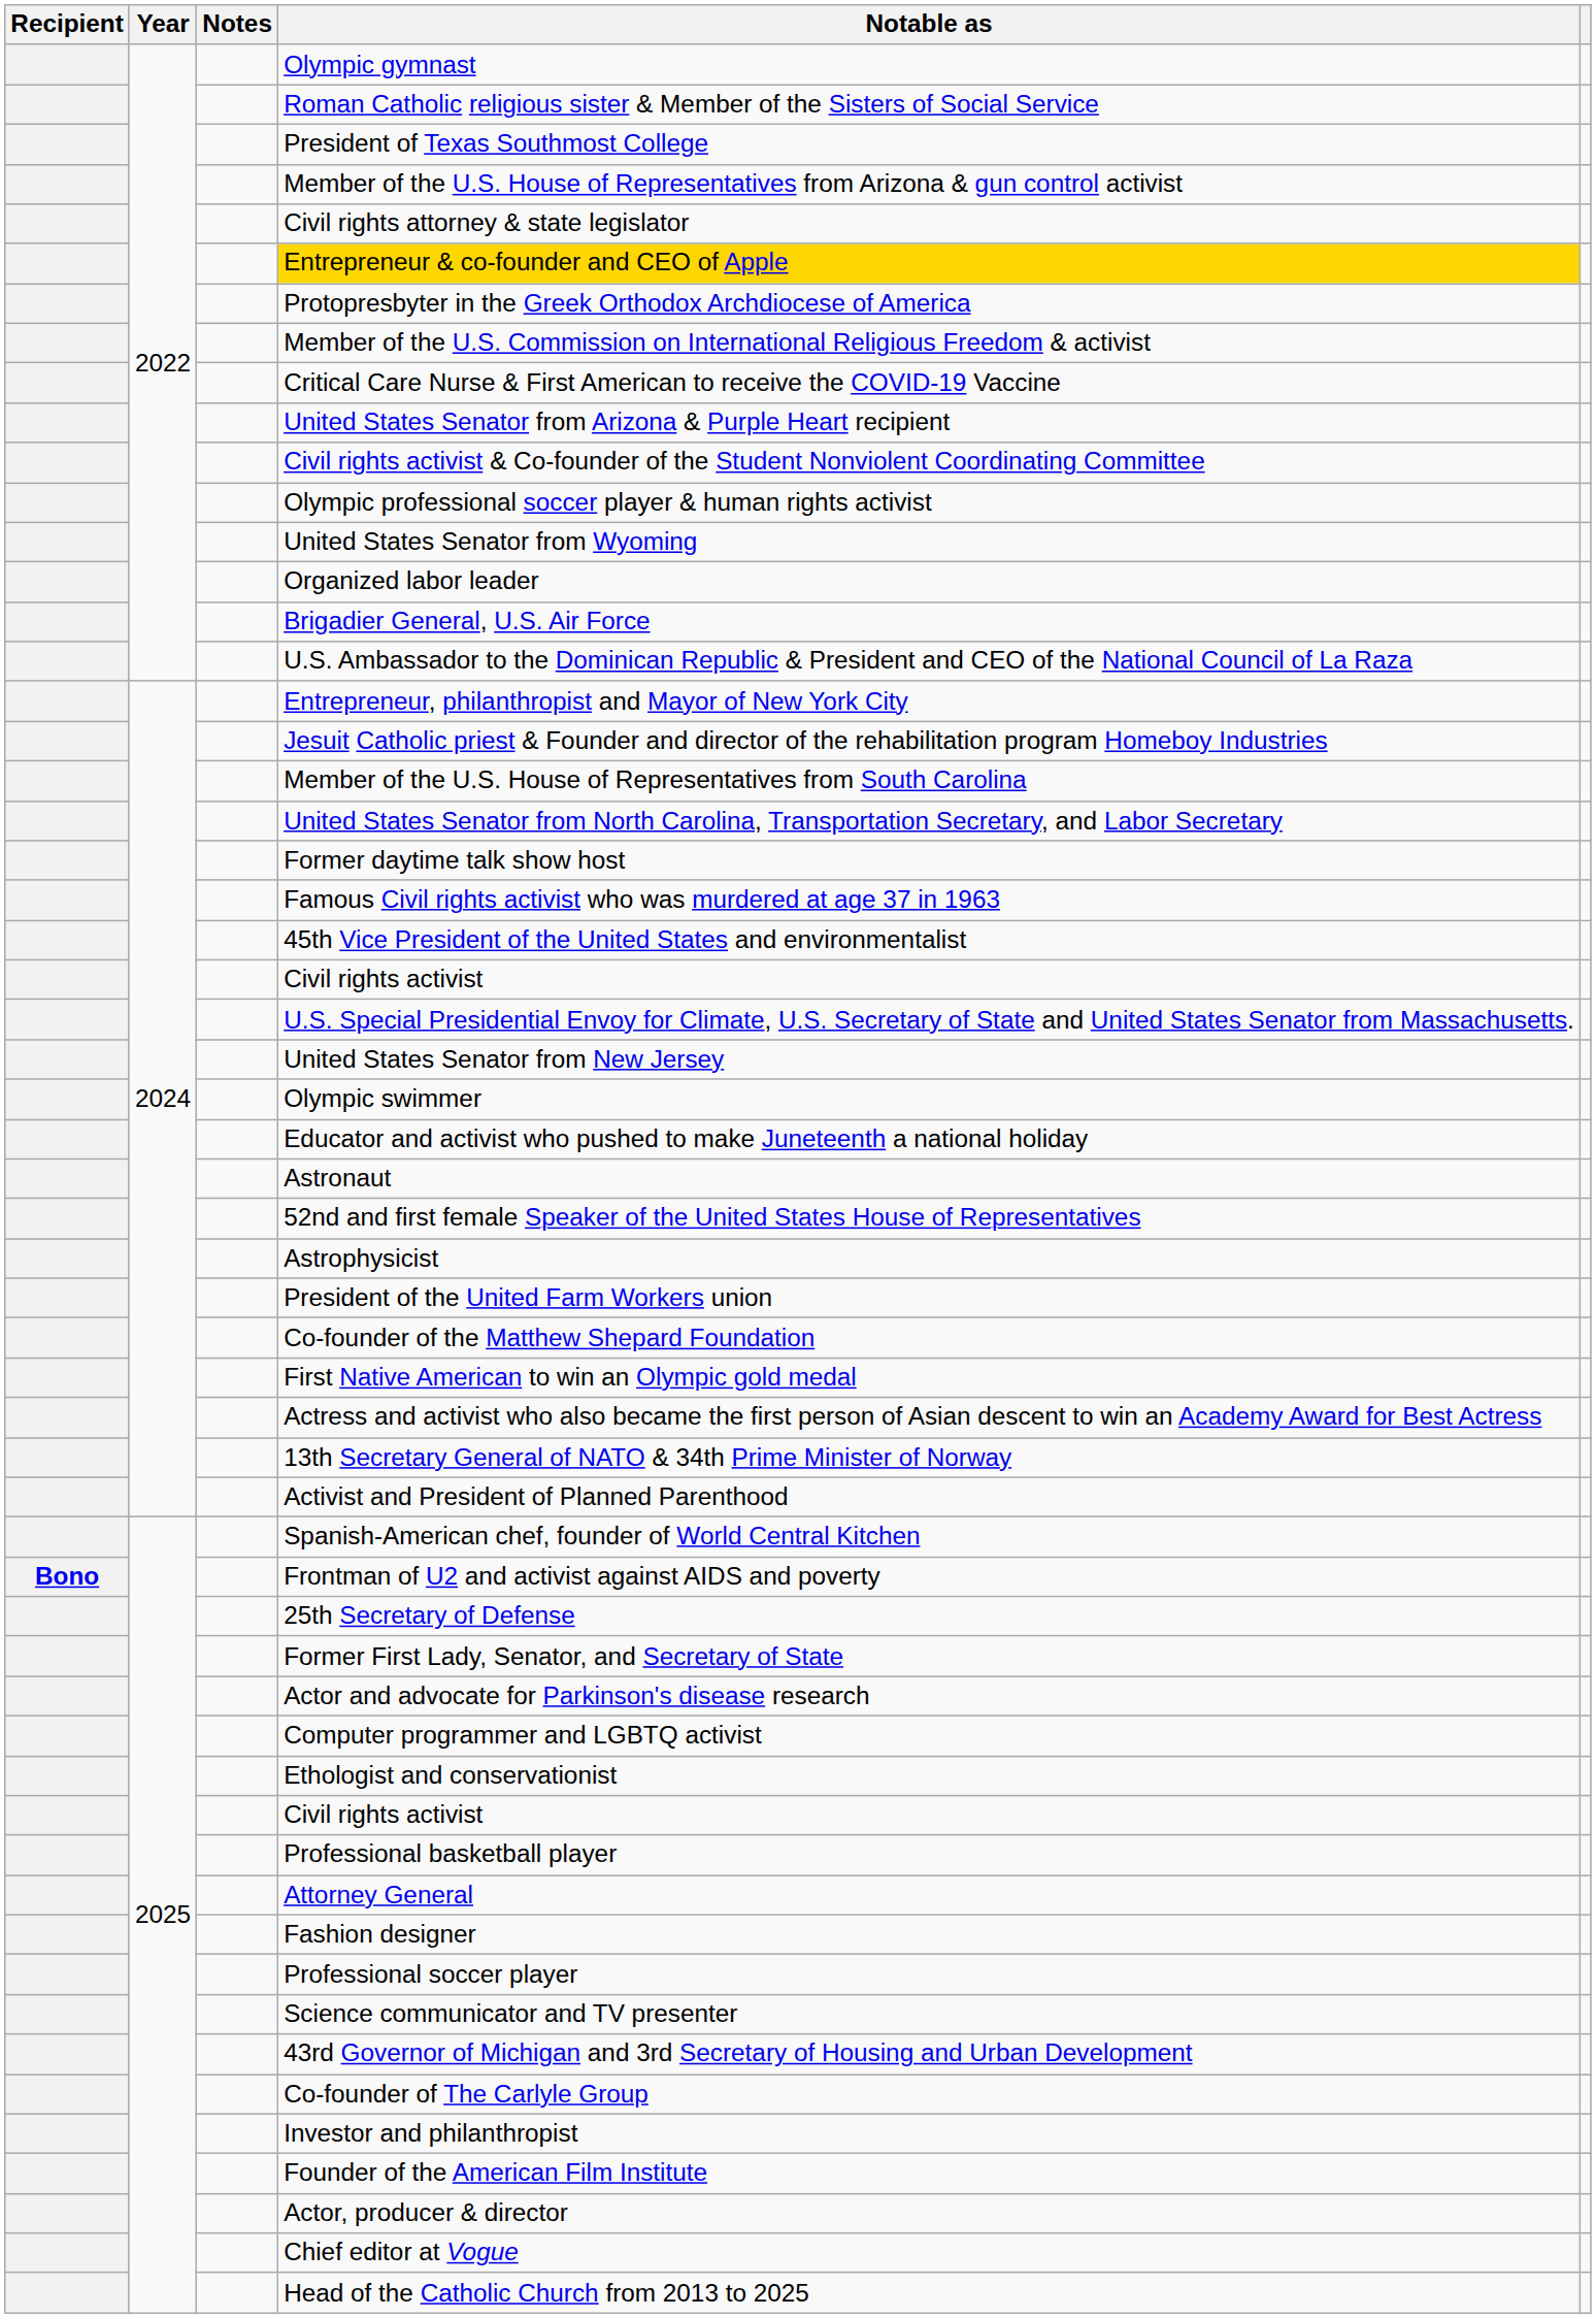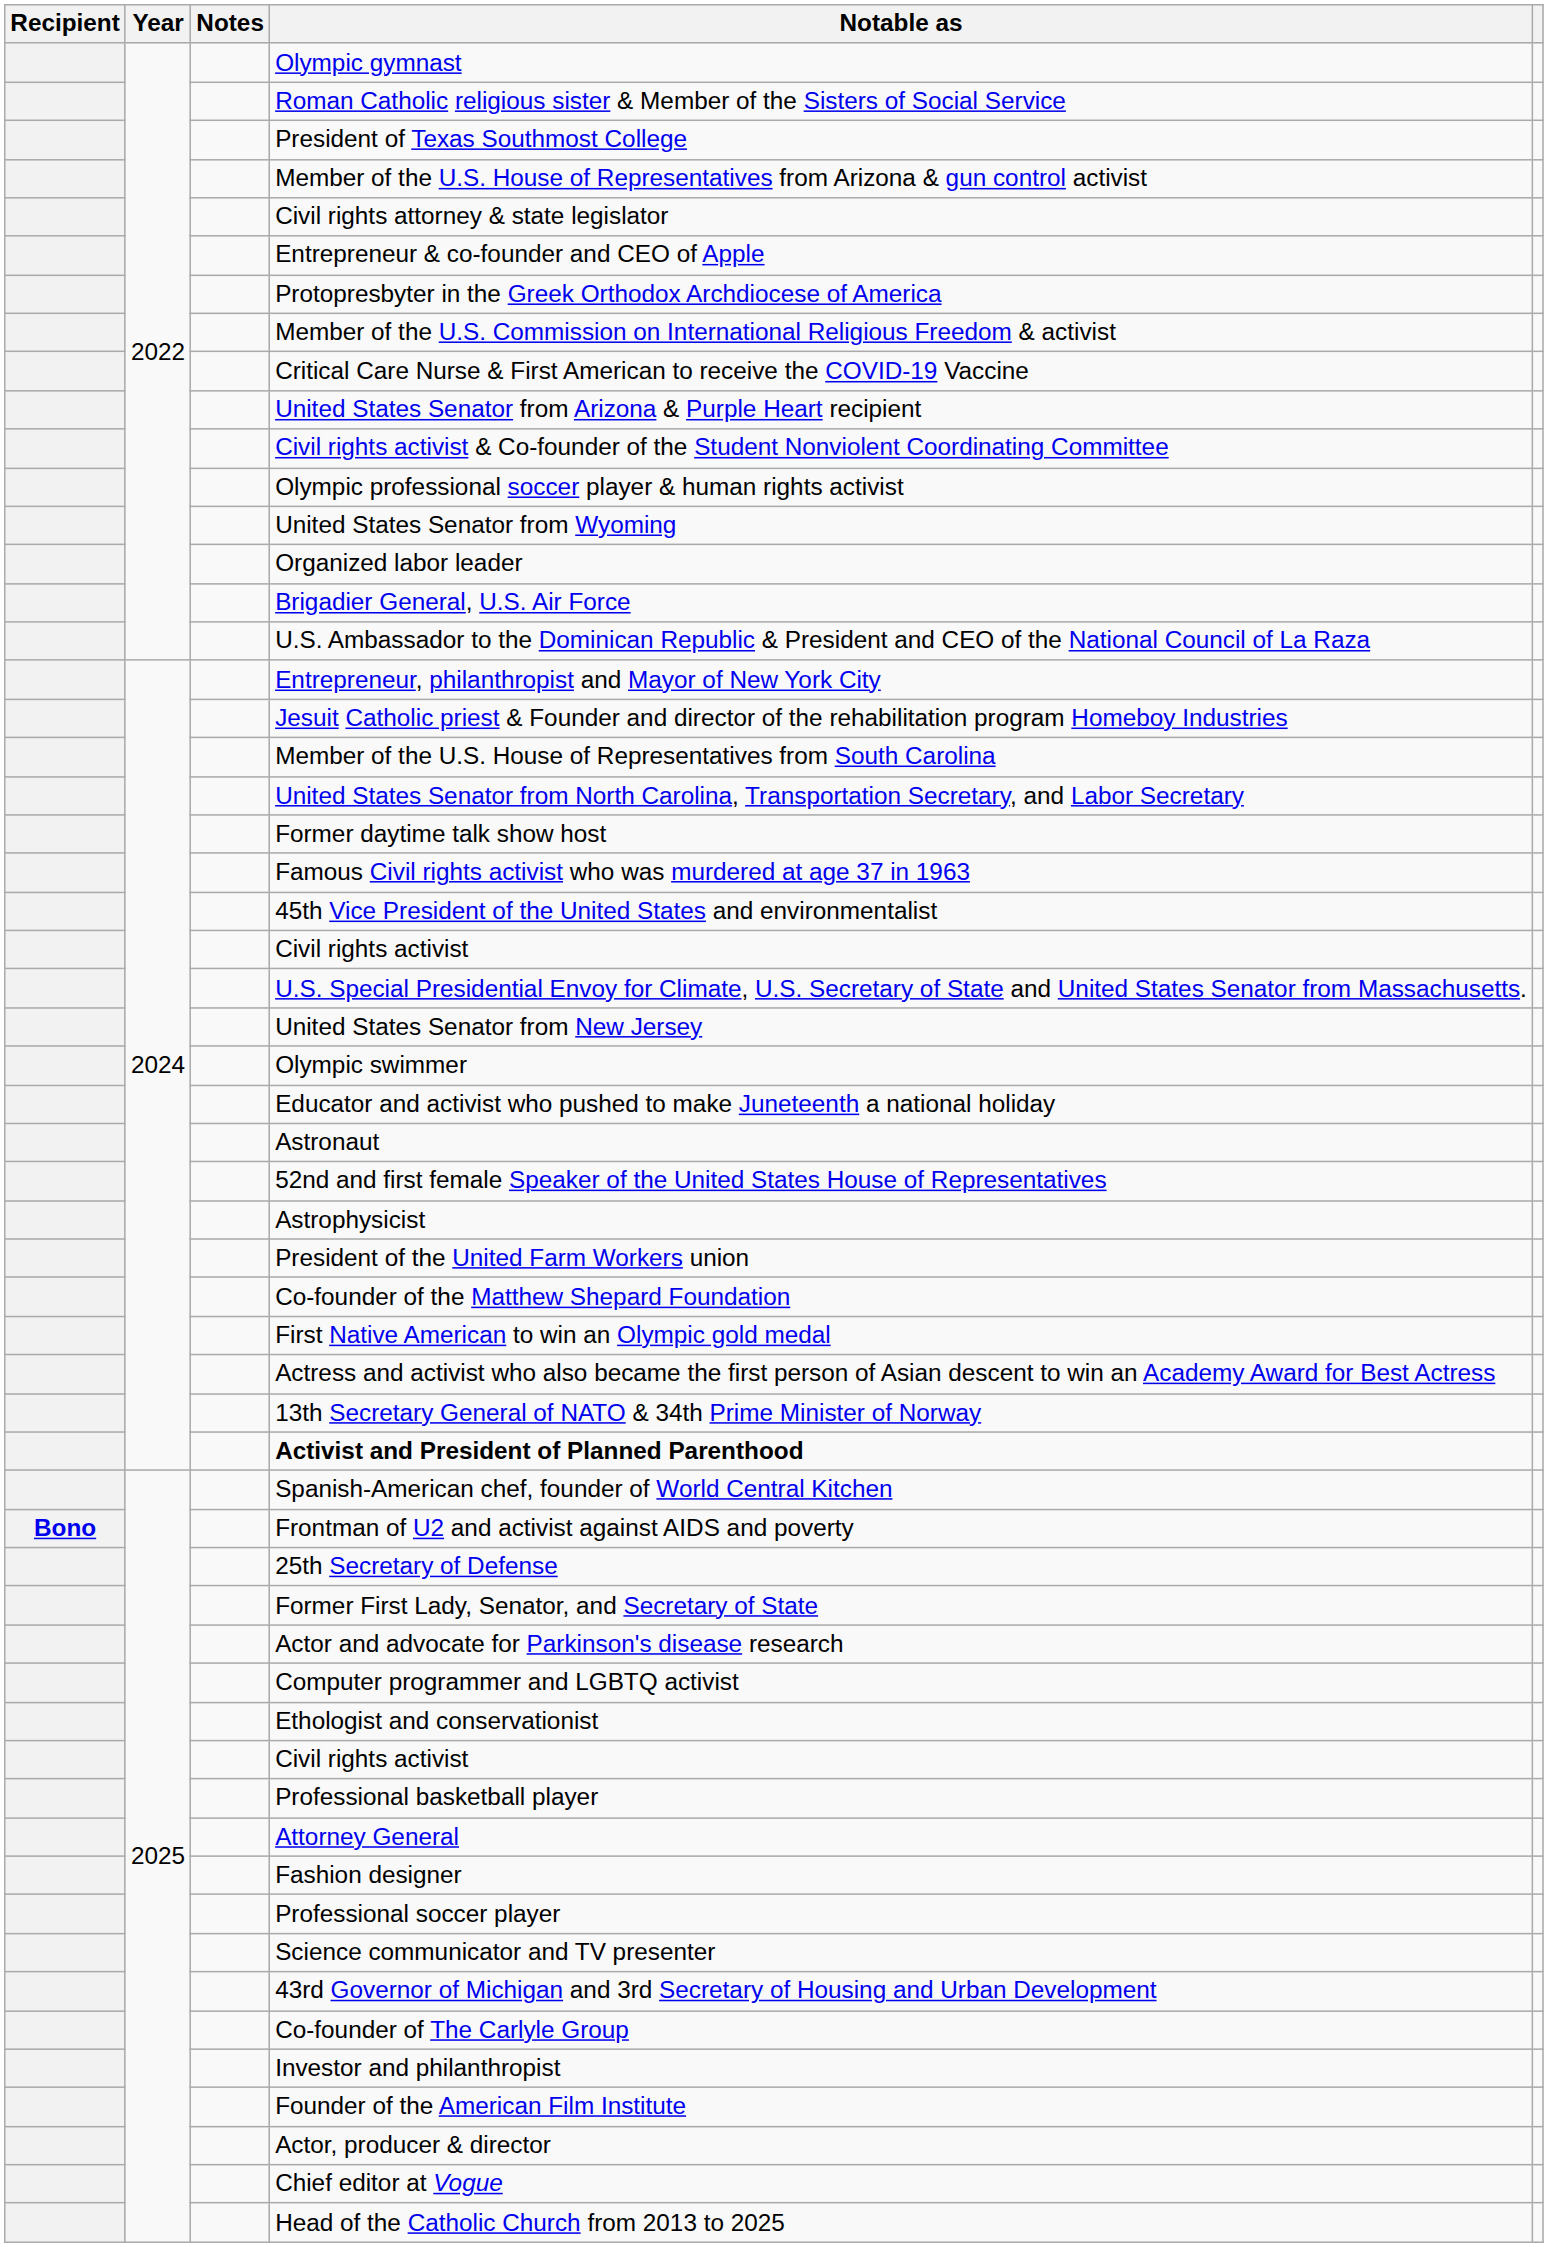 <table class="wikitable sortable plainrowheaders">
 <tr>
 <th>Recipient</th>
 <th>Year</th>
 <th>Notes</th>
 <th>Notable as</th>
 <th class="unsortable"></th>
 </tr>
 <tr>
 <th scope="row"></th>
 <td rowspan="16">2022</td>
 <td></td>
 <td><a href='#'>Olympic gymnast</a></td>
 <td></td>
 </tr>
 <tr>
 <th scope="row"></th>
 <td></td>
 <td><a href='#'>Roman Catholic</a> <a href='#'>religious sister</a> & Member of the <a href='#'>Sisters of Social Service</a></td>
 <td></td>
 </tr>
 <tr>
 <th scope="row"></th>
 <td></td>
 <td>President of <a href='#'>Texas Southmost College</a></td>
 <td></td>
 </tr>
 <tr>
 <th scope="row"></th>
 <td></td>
 <td>Member of the <a href='#'>U.S. House of Representatives</a> from Arizona & <a href='#'>gun control</a> activist</td>
 <td></td>
 </tr>
 <tr>
 <th scope="row"></th>
 <td></td>
 <td>Civil rights attorney & state legislator</td>
 <td></td>
 </tr>
 <tr>
 <th scope="row"></th>
 <td></td>
-<td style="background: gold;">Entrepreneur & co-founder and CEO of <a href='#'>Apple</a></td>
+<td>Entrepreneur & co-founder and CEO of <a href='#'>Apple</a></td>
 <td></td>
 </tr>
 <tr>
 <th scope="row"></th>
 <td></td>
 <td>Protopresbyter in the <a href='#'>Greek Orthodox Archdiocese of America</a></td>
 <td></td>
 </tr>
 <tr>
 <th scope="row"></th>
 <td></td>
 <td>Member of the <a href='#'>U.S. Commission on International Religious Freedom</a> & activist</td>
 <td></td>
 </tr>
 <tr>
 <th scope="row"></th>
 <td></td>
 <td>Critical Care Nurse & First American to receive the <a href='#'>COVID-19</a> Vaccine</td>
 <td></td>
 </tr>
 <tr>
 <th scope="row"></th>
 <td></td>
 <td><a href='#'>United States Senator</a> from <a href='#'>Arizona</a> & <a href='#'>Purple Heart</a> recipient</td>
 <td></td>
 </tr>
 <tr>
 <th scope="row"></th>
 <td></td>
 <td><a href='#'>Civil rights activist</a> & Co-founder of the <a href='#'>Student Nonviolent Coordinating Committee</a></td>
 <td></td>
 </tr>
 <tr>
 <th scope="row"></th>
 <td></td>
 <td>Olympic professional <a href='#'>soccer</a> player & human rights activist</td>
 <td></td>
 </tr>
 <tr>
 <th scope="row"></th>
 <td></td>
 <td>United States Senator from <a href='#'>Wyoming</a></td>
 <td></td>
 </tr>
 <tr>
 <th scope="row"></th>
 <td></td>
 <td>Organized labor leader</td>
 <td></td>
 </tr>
 <tr>
 <th scope="row"></th>
 <td></td>
 <td><a href='#'>Brigadier General</a>, <a href='#'>U.S. Air Force</a></td>
 <td></td>
 </tr>
 <tr>
 <th scope="row"></th>
 <td></td>
 <td>U.S. Ambassador to the <a href='#'>Dominican Republic</a> & President and CEO of the <a href='#'>National Council of La Raza</a></td>
 <td></td>
 </tr>
 <tr>
 <th scope="row"></th>
 <td rowspan="21">2024</td>
 <td></td>
 <td><a href='#'>Entrepreneur</a>, <a href='#'>philanthropist</a> and <a href='#'>Mayor of New York City</a></td>
 <td></td>
 </tr>
 <tr>
 <th scope="row"></th>
 <td></td>
 <td><a href='#'>Jesuit</a> <a href='#'>Catholic priest</a> & Founder and director of the rehabilitation program <a href='#'>Homeboy Industries</a></td>
 <td></td>
 </tr>
 <tr>
 <th scope="row"></th>
 <td></td>
 <td>Member of the U.S. House of Representatives from <a href='#'>South Carolina</a></td>
 <td></td>
 </tr>
 <tr>
 <th scope="row"></th>
 <td></td>
 <td><a href='#'>United States Senator from North Carolina</a>, <a href='#'>Transportation Secretary</a>, and <a href='#'>Labor Secretary</a></td>
 <td></td>
 </tr>
 <tr>
 <th scope="row"></th>
 <td></td>
 <td>Former daytime talk show host</td>
 <td></td>
 </tr>
 <tr>
 <th scope="row"></th>
 <td></td>
 <td>Famous <a href='#'>Civil rights activist</a> who was <a href='#'>murdered at age 37 in 1963</a></td>
 <td></td>
 </tr>
 <tr>
 <th scope="row"></th>
 <td></td>
 <td>45th <a href='#'>Vice President of the United States</a> and environmentalist</td>
 <td></td>
 </tr>
 <tr>
 <th scope="row"></th>
 <td></td>
 <td>Civil rights activist</td>
 <td></td>
 </tr>
 <tr>
 <th scope="row"></th>
 <td></td>
 <td><a href='#'>U.S. Special Presidential Envoy for Climate</a>, <a href='#'>U.S. Secretary of State</a> and <a href='#'>United States Senator from Massachusetts</a>.</td>
 <td></td>
 </tr>
 <tr>
 <th scope="row"></th>
 <td></td>
 <td>United States Senator from <a href='#'>New Jersey</a></td>
 <td></td>
 </tr>
 <tr>
 <th scope="row"></th>
 <td></td>
 <td>Olympic swimmer</td>
 <td></td>
 </tr>
 <tr>
 <th scope="row"></th>
 <td></td>
 <td>Educator and activist who pushed to make <a href='#'>Juneteenth</a> a national holiday</td>
 <td></td>
 </tr>
 <tr>
 <th scope="row"></th>
 <td></td>
 <td>Astronaut</td>
 <td></td>
 </tr>
 <tr>
 <th scope="row"></th>
 <td></td>
 <td>52nd and first female <a href='#'>Speaker of the United States House of Representatives</a></td>
 <td></td>
 </tr>
 <tr>
 <th scope="row"></th>
 <td></td>
 <td>Astrophysicist</td>
 <td></td>
 </tr>
 <tr>
 <th scope="row"></th>
 <td></td>
 <td>President of the <a href='#'>United Farm Workers</a> union</td>
 <td></td>
 </tr>
 <tr>
 <th scope="row"></th>
 <td></td>
 <td>Co-founder of the <a href='#'>Matthew Shepard Foundation</a></td>
 <td></td>
 </tr>
 <tr>
 <th scope="row"></th>
 <td></td>
 <td>First <a href='#'>Native American</a> to win an <a href='#'>Olympic gold medal</a></td>
 <td></td>
 </tr>
 <tr>
 <th scope="row"></th>
 <td></td>
 <td>Actress and activist who also became the first person of Asian descent to win an <a href='#'>Academy Award for Best Actress</a></td>
 <td></td>
 </tr>
 <tr>
 <th scope="row"></th>
 <td></td>
 <td>13th <a href='#'>Secretary General of NATO</a> & 34th <a href='#'>Prime Minister of Norway</a></td>
 <td></td>
 </tr>
 <tr>
 <th scope="row"></th>
 <td></td>
-<td>Activist and President of Planned Parenthood</td>
+<td><strong>Activist and President of Planned Parenthood</strong></td>
 <td></td>
 </tr>
 <tr>
 <th scope="row"></th>
 <td rowspan=20>2025</td>
 <td></td>
 <td>Spanish-American chef, founder of <a href='#'>World Central Kitchen</a></td>
 <td></td>
 </tr>
 <tr>
 <th scope="row"><a href='#'>Bono</a></th>
 <td></td>
 <td>Frontman of <a href='#'>U2</a> and activist against AIDS and poverty</td>
 <td></td>
 </tr>
 <tr>
 <th scope="row"></th>
 <td></td>
 <td>25th <a href='#'>Secretary of Defense</a></td>
 <td></td>
 </tr>
 <tr>
 <th scope="row"></th>
 <td></td>
 <td>Former First Lady, Senator, and <a href='#'>Secretary of State</a></td>
 <td></td>
 </tr>
 <tr>
 <th scope="row"></th>
 <td></td>
 <td>Actor and advocate for <a href='#'>Parkinson's disease</a> research</td>
 <td></td>
 </tr>
 <tr>
 <th scope="row"></th>
 <td></td>
 <td>Computer programmer and LGBTQ activist</td>
 <td></td>
 </tr>
 <tr>
 <th scope="row"></th>
 <td></td>
 <td>Ethologist and conservationist</td>
 <td></td>
 </tr>
 <tr>
 <th scope="row"></th>
 <td></td>
 <td>Civil rights activist</td>
 <td></td>
 </tr>
 <tr>
 <th scope="row"></th>
 <td></td>
 <td>Professional basketball player</td>
 <td></td>
 </tr>
 <tr>
 <th scope="row"></th>
 <td></td>
 <td><a href='#'>Attorney General</a></td>
 <td></td>
 </tr>
 <tr>
 <th scope="row"></th>
 <td></td>
 <td>Fashion designer</td>
 <td></td>
 </tr>
 <tr>
 <th scope="row"></th>
 <td></td>
 <td>Professional soccer player</td>
 <td></td>
 </tr>
 <tr>
 <th scope="row"></th>
 <td></td>
 <td>Science communicator and TV presenter</td>
 <td></td>
 </tr>
 <tr>
 <th scope="row"></th>
 <td></td>
 <td>43rd <a href='#'>Governor of Michigan</a> and 3rd <a href='#'>Secretary of Housing and Urban Development</a></td>
 <td></td>
 </tr>
 <tr>
 <th scope="row"></th>
 <td></td>
 <td>Co-founder of <a href='#'>The Carlyle Group</a></td>
 <td></td>
 </tr>
 <tr>
 <th scope="row"></th>
 <td></td>
 <td>Investor and philanthropist</td>
 <td></td>
 </tr>
 <tr>
 <th scope="row"></th>
 <td></td>
 <td>Founder of the <a href='#'>American Film Institute</a></td>
 <td></td>
 </tr>
 <tr>
 <th scope="row"></th>
 <td></td>
 <td>Actor, producer & director</td>
 <td></td>
 </tr>
 <tr>
 <th scope="row"></th>
 <td></td>
 <td>Chief editor at <em><a href='#'>Vogue</a></em></td>
 <td></td>
 </tr>
 <tr>
 <th scope="row"></th>
 <td></td>
 <td>Head of the <a href='#'>Catholic Church</a> from 2013 to 2025</td>
 <td></td>
 </tr>
 </table>
